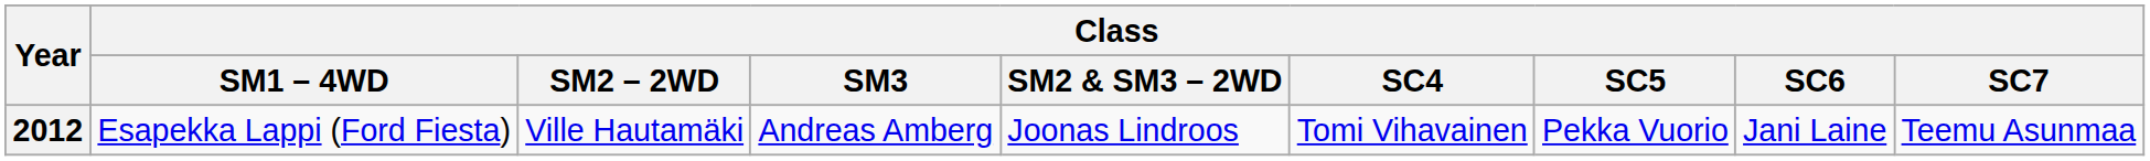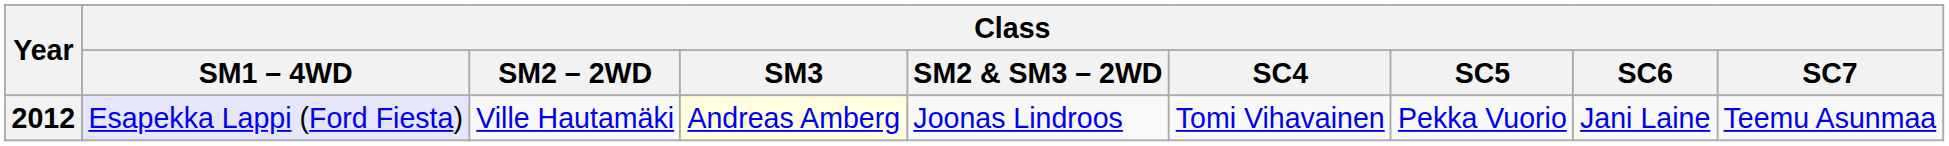 <table class="wikitable" style="font-size: 95%">
 <tr>
 <th rowspan="2">Year</th>
 <th colspan="8">Class</th>
 </tr>
 <tr>
 <th>SM1 – 4WD</th>
 <th>SM2 – 2WD</th>
 <th>SM3</th>
 <th>SM2 & SM3 – 2WD</th>
 <th>SC4</th>
 <th>SC5</th>
 <th>SC6</th>
 <th>SC7</th>
 </tr>
 <tr>
 <th>2012</th>
-<td><a href='#'>Esapekka Lappi</a> (<a href='#'>Ford Fiesta</a>)</td>
+<td style="background: lavender;"><a href='#'>Esapekka Lappi</a> (<a href='#'>Ford Fiesta</a>)</td>
 <td><a href='#'>Ville Hautamäki</a></td>
-<td><a href='#'>Andreas Amberg</a></td>
+<td style="background: lightyellow;"><a href='#'>Andreas Amberg</a></td>
 <td><a href='#'>Joonas Lindroos</a></td>
 <td><a href='#'>Tomi Vihavainen</a></td>
 <td><a href='#'>Pekka Vuorio</a></td>
 <td><a href='#'>Jani Laine</a></td>
 <td><a href='#'>Teemu Asunmaa</a></td>
 </tr>
 </table>
